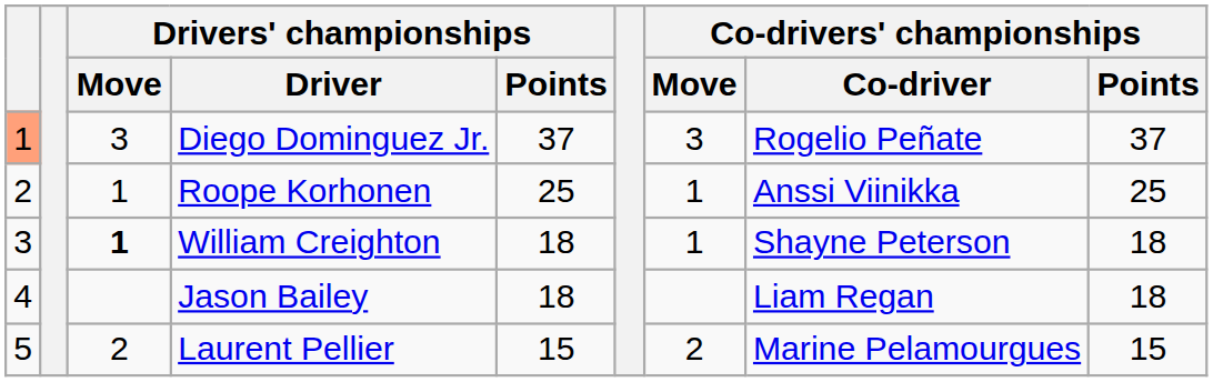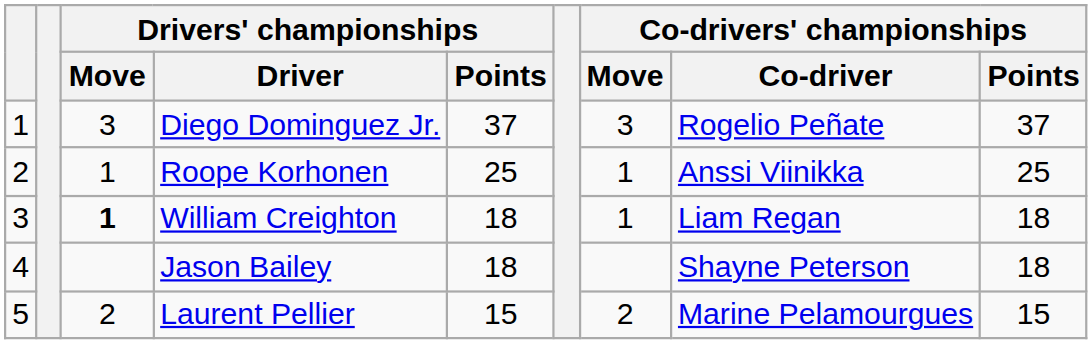 <table class="wikitable" style="font-size:85%;">
 <tr>
 <th rowspan="2"></th>
 <th rowspan="7" style="width:5px;"></th>
 <th colspan="3">Drivers' championships</th>
 <th rowspan="7" style="width:5px;"></th>
 <th colspan="3" nowrap>Co-drivers' championships</th>
 </tr>
 <tr>
 <th>Move</th>
 <th>Driver</th>
 <th>Points</th>
 <th>Move</th>
 <th>Co-driver</th>
 <th>Points</th>
 </tr>
 <tr>
-<td align="center" style="background: lightsalmon;">1</td>
+<td align="center">1</td>
 <td align="center"> 3</td>
 <td><a href='#'>Diego Dominguez Jr.</a></td>
 <td align="center">37</td>
 <td align="center"> 3</td>
 <td><a href='#'>Rogelio Peñate</a></td>
 <td align="center">37</td>
 </tr>
 <tr>
 <td align="center">2</td>
 <td align="center"> 1</td>
 <td><a href='#'>Roope Korhonen</a></td>
 <td align="center">25</td>
 <td align="center"> 1</td>
 <td><a href='#'>Anssi Viinikka</a></td>
 <td align="center">25</td>
 </tr>
 <tr>
 <td align="center">3</td>
 <td align="center"><strong> 1</strong></td>
 <td><a href='#'>William Creighton</a></td>
 <td align="center">18</td>
 <td align="center"> 1</td>
-<td><a href='#'>Shayne Peterson</a></td>
+<td><a href='#'>Liam Regan</a></td>
 <td align="center">18</td>
 </tr>
 <tr>
 <td align="center">4</td>
 <td align="center"></td>
 <td><a href='#'>Jason Bailey</a></td>
 <td align="center">18</td>
 <td align="center"></td>
-<td><a href='#'>Liam Regan</a></td>
+<td><a href='#'>Shayne Peterson</a></td>
 <td align="center">18</td>
 </tr>
 <tr>
 <td align="center">5</td>
 <td align="center"> 2</td>
 <td><a href='#'>Laurent Pellier</a></td>
 <td align="center">15</td>
 <td align="center"> 2</td>
 <td><a href='#'>Marine Pelamourgues</a></td>
 <td align="center">15</td>
 </tr>
 </table>
